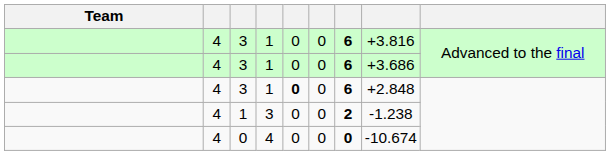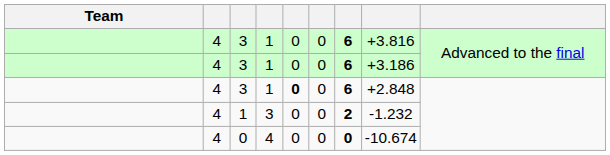 <table class="wikitable" style="text-align:center">
 <tr>
 <th width=200>Team</th>
 <th width=20></th>
 <th width=20></th>
 <th width=20></th>
 <th width=20></th>
 <th width=20></th>
 <th width=20></th>
 <th width=50></th>
 <th style="width:185px;"></th>
 </tr>
 <tr style="background:#cfc;">
 <td align="left"></td>
 <td>4</td>
 <td>3</td>
 <td>1</td>
 <td>0</td>
 <td>0</td>
 <td><strong>6</strong></td>
 <td>+3.816</td>
 <td rowspan="2">Advanced to the <a href='#'>final</a></td>
 </tr>
 <tr style="background:#cfc;">
 <td align="left"></td>
 <td>4</td>
 <td>3</td>
 <td>1</td>
 <td>0</td>
 <td>0</td>
 <td><strong>6</strong></td>
-<td>+3.686</td>
+<td>+3.186</td>
 </tr>
 <tr>
 <td align="left"></td>
 <td>4</td>
 <td>3</td>
 <td>1</td>
 <td><strong>0</strong></td>
 <td>0</td>
 <td><strong>6</strong></td>
 <td>+2.848</td>
 <td rowspan="3"></td>
 </tr>
 <tr>
 <td align="left"></td>
 <td>4</td>
 <td>1</td>
 <td>3</td>
 <td>0</td>
 <td>0</td>
 <td><strong>2</strong></td>
-<td>-1.238</td>
+<td>-1.232</td>
 </tr>
 <tr>
 <td align="left"></td>
 <td>4</td>
 <td>0</td>
 <td>4</td>
 <td>0</td>
 <td>0</td>
 <td><strong>0</strong></td>
 <td>-10.674</td>
 </tr>
 </table>
